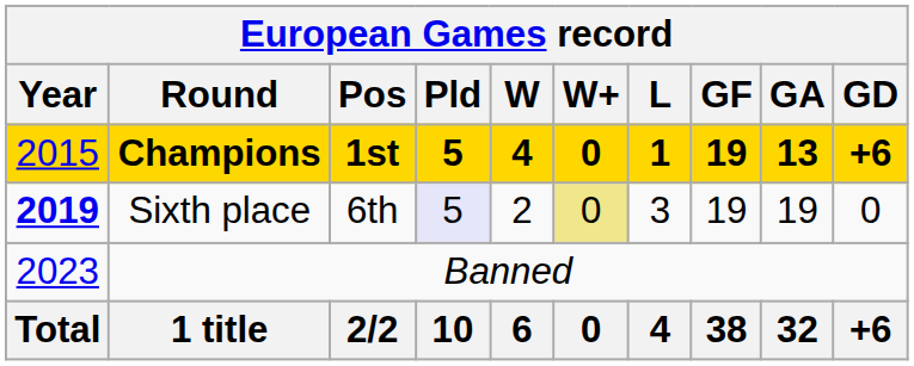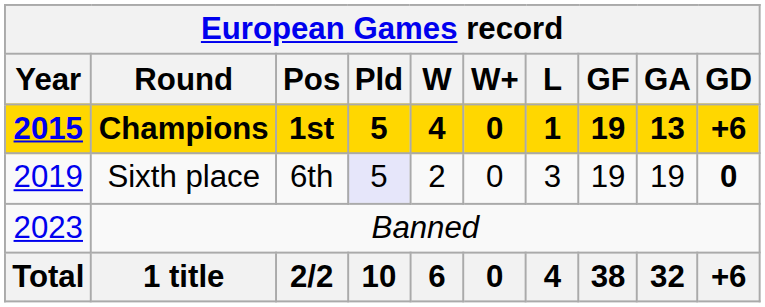 <table class="wikitable" style="text-align: center;">
 <tr>
 <th colspan=10><a href='#'>European Games</a> record</th>
 </tr>
 <tr>
 <th>Year</th>
 <th>Round</th>
 <th width=20>Pos</th>
 <th width=20>Pld</th>
 <th width=20>W</th>
 <th width=20>W+</th>
 <th width=20>L</th>
 <th width=20>GF</th>
 <th width=20>GA</th>
 <th width=20>GD</th>
 </tr>
 <tr style="background:Gold;">
-<td> <a href='#'>2015</a></td>
+<td><strong> <a href='#'>2015</a></strong></td>
 <td><strong>Champions</strong></td>
 <td><strong>1st</strong></td>
 <td><strong>5</strong></td>
 <td><strong>4</strong></td>
 <td><strong>0</strong></td>
 <td><strong>1</strong></td>
 <td><strong>19</strong></td>
 <td><strong>13</strong></td>
 <td><strong>+6</strong></td>
 </tr>
 <tr>
-<td><strong> <a href='#'>2019</a></strong></td>
+<td> <a href='#'>2019</a></td>
 <td>Sixth place</td>
 <td>6th</td>
 <td style="background: lavender;">5</td>
 <td>2</td>
-<td style="background: khaki;">0</td>
+<td>0</td>
 <td>3</td>
 <td>19</td>
 <td>19</td>
-<td>0</td>
+<td><strong>0</strong></td>
 </tr>
 <tr>
 <td> <a href='#'>2023</a></td>
 <td colspan=9><em>Banned</em></td>
 </tr>
 <tr>
 <th>Total</th>
 <th>1 title</th>
 <th>2/2</th>
 <th>10</th>
 <th>6</th>
 <th>0</th>
 <th>4</th>
 <th>38</th>
 <th>32</th>
 <th>+6</th>
 </tr>
 </table>
